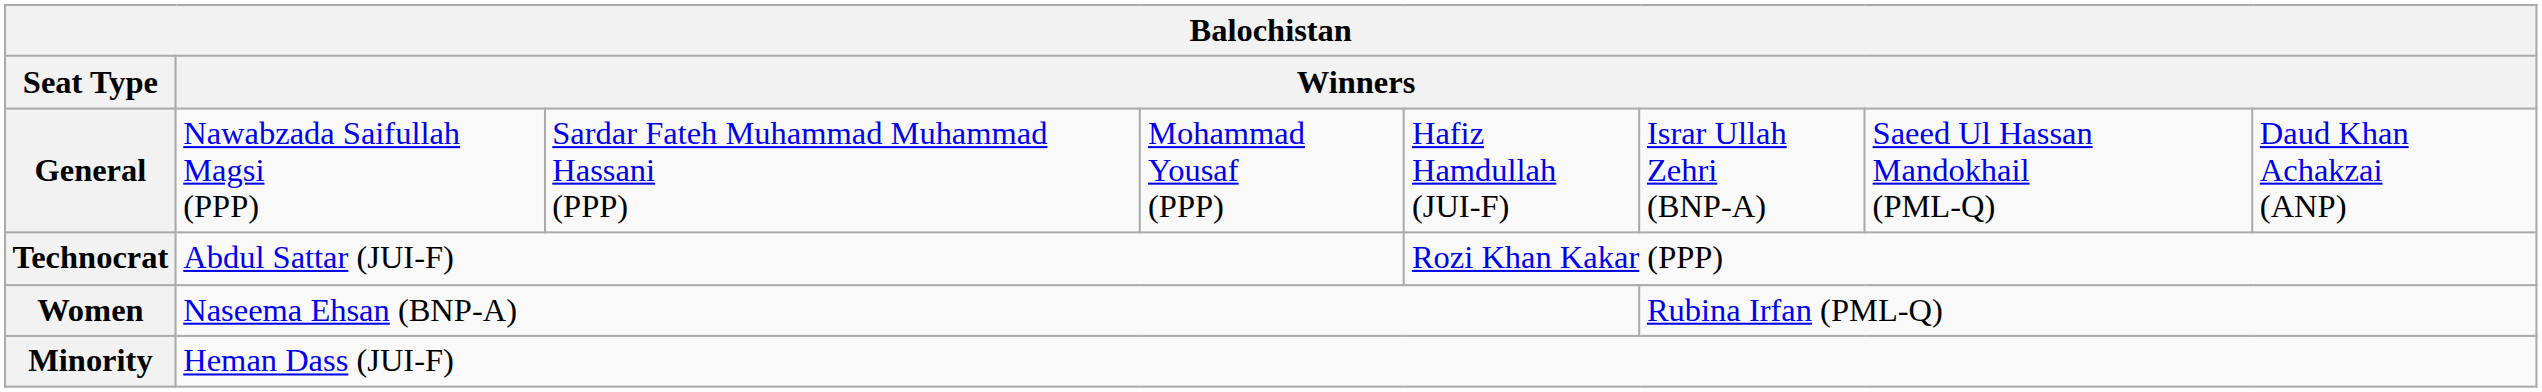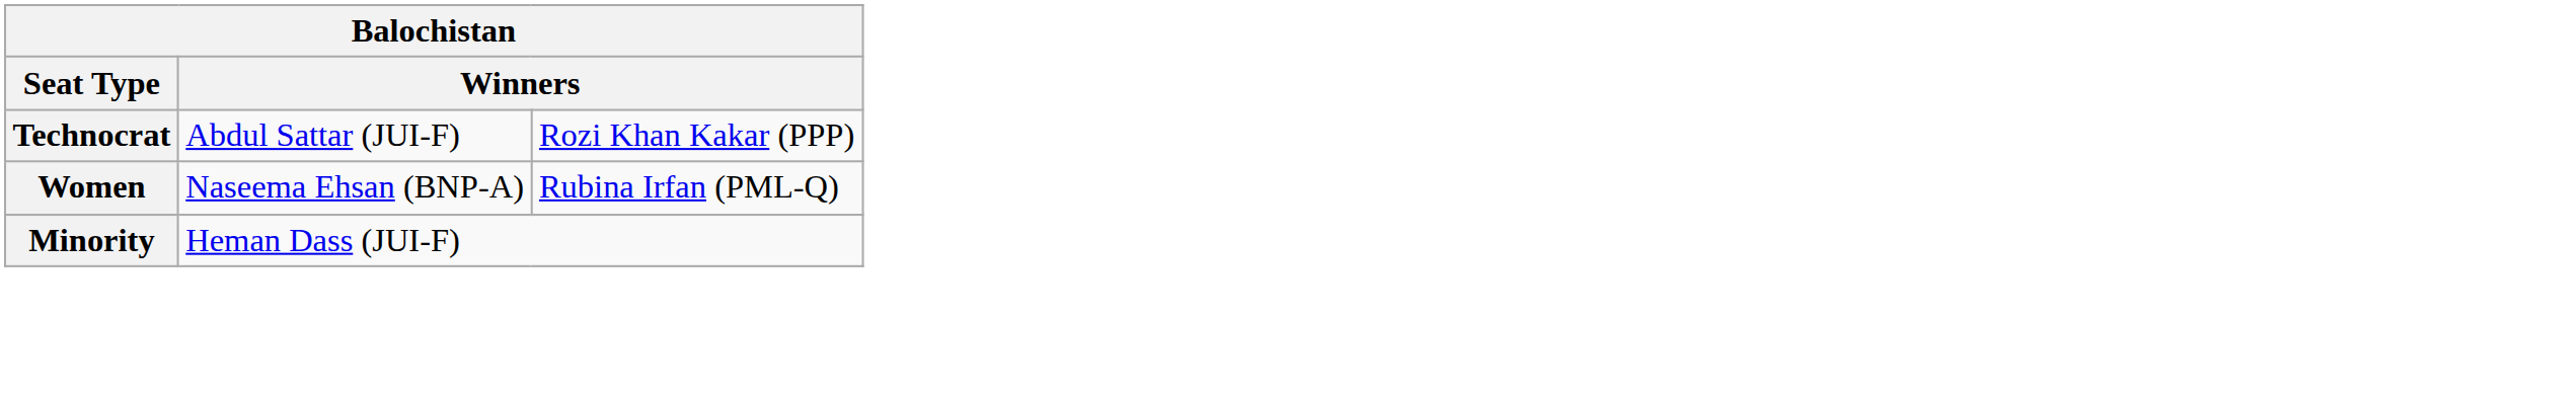 <table class="wikitable">
 <tr>
 <th colspan="8">Balochistan</th>
 </tr>
 <tr>
 <th>Seat Type</th>
 <th colspan="7">Winners</th>
-</tr>
-<tr>
-<th>General</th>
-<td style="background:"><a href='#'>Nawabzada Saifullah Magsi</a><br>(PPP)</td>
-<td style="background:"><a href='#'>Sardar Fateh Muhammad Muhammad Hassani</a><br>(PPP)</td>
-<td style="background:"><a href='#'>Mohammad Yousaf</a><br>(PPP)</td>
-<td style="background:"><a href='#'>Hafiz Hamdullah</a><br>(JUI-F)</td>
-<td style="background:"><a href='#'>Israr Ullah Zehri</a><br>(BNP-A)</td>
-<td style="background:"><a href='#'>Saeed Ul Hassan Mandokhail</a><br>(PML-Q)</td>
-<td style="background:"><a href='#'>Daud Khan Achakzai</a><br>(ANP)</td>
 </tr>
 <tr>
 <th>Technocrat</th>
 <td colspan="3" style="background:"><a href='#'>Abdul Sattar</a> (JUI-F)</td>
 <td colspan="4" style="background:"><a href='#'>Rozi Khan Kakar</a> (PPP)</td>
 </tr>
 <tr>
 <th>Women</th>
 <td colspan="4" style="background:"><a href='#'>Naseema Ehsan</a> (BNP-A)</td>
 <td colspan="3" style="background:"><a href='#'>Rubina Irfan</a> (PML-Q)</td>
 </tr>
 <tr>
 <th>Minority</th>
 <td colspan="7" style="background:"><a href='#'>Heman Dass</a> (JUI-F)</td>
 </tr>
 </table>
